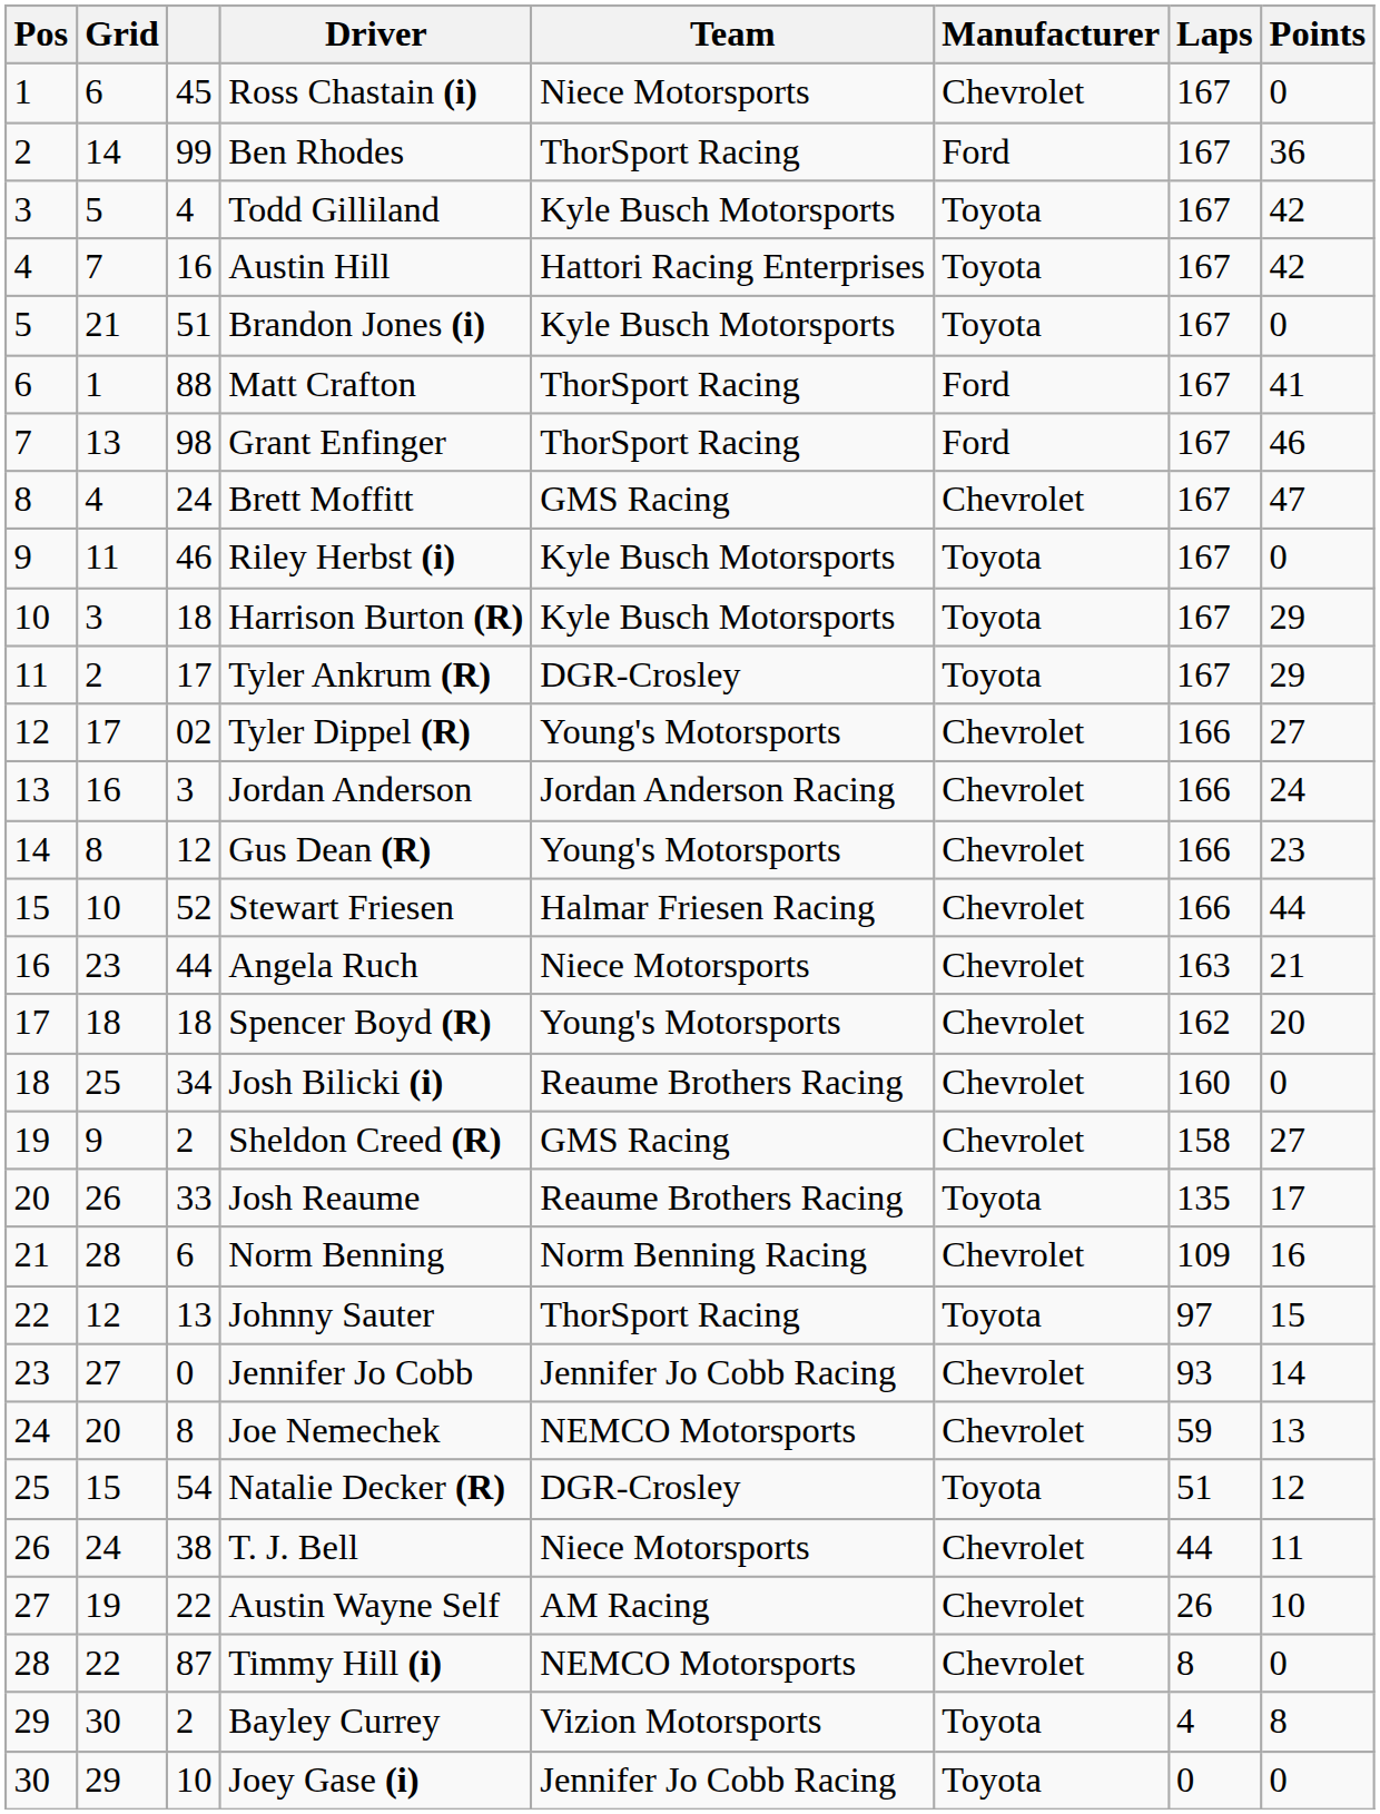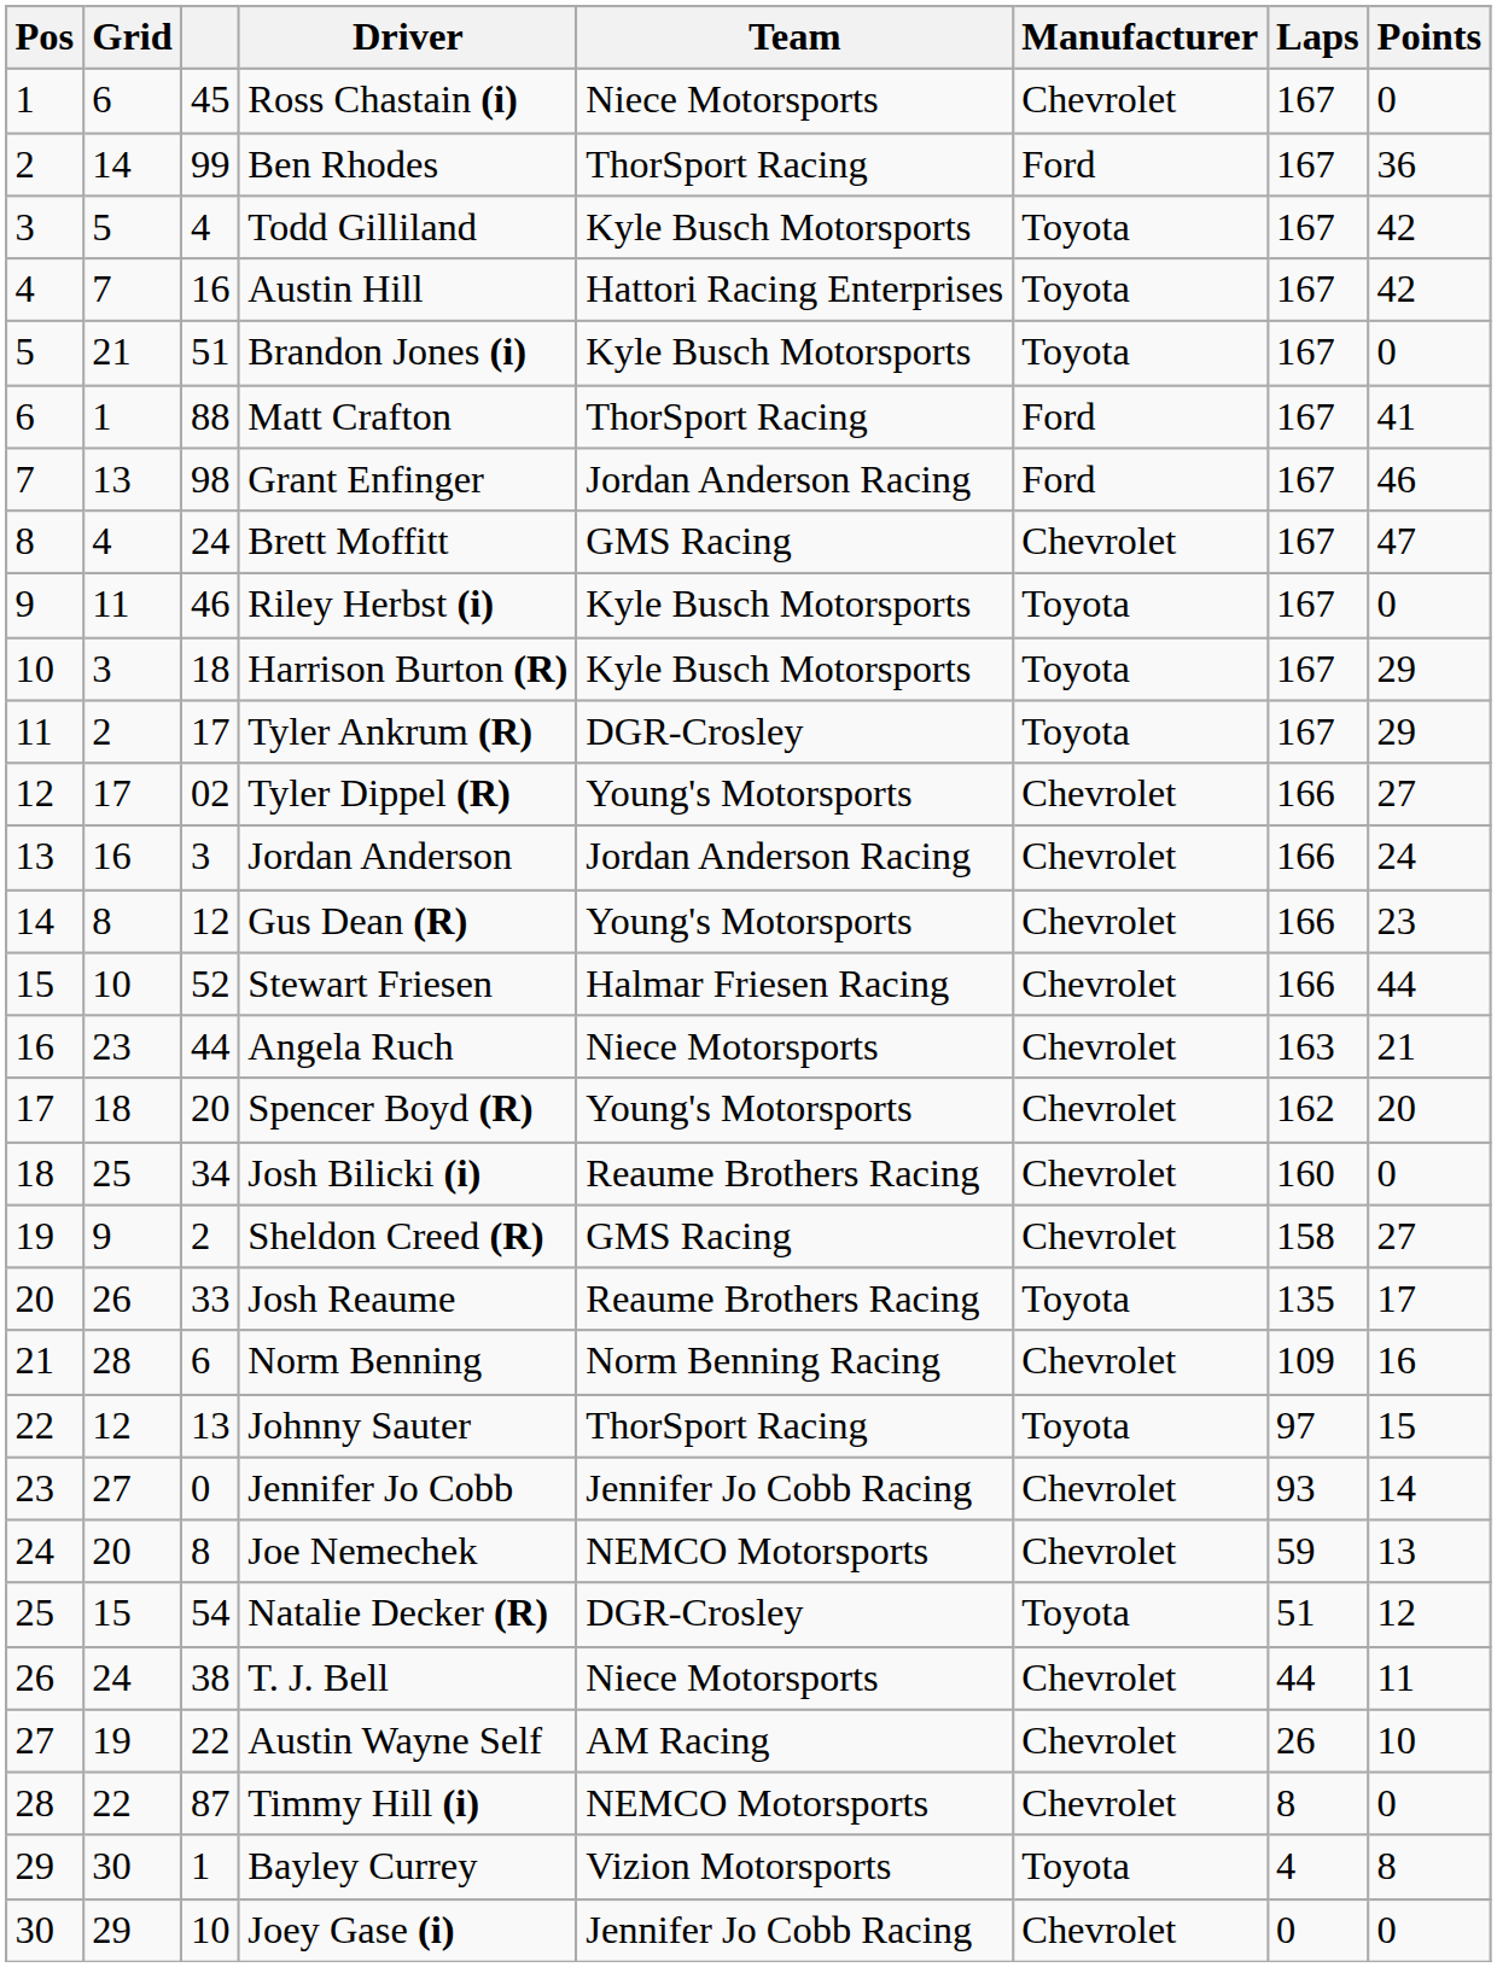 <table class="wikitable" style="font-size:98%">
 <tr>
 <th>Pos</th>
 <th>Grid</th>
 <th></th>
 <th>Driver</th>
 <th>Team</th>
 <th>Manufacturer</th>
 <th>Laps</th>
 <th>Points</th>
 </tr>
 <tr>
 <td>1</td>
 <td>6</td>
 <td>45</td>
 <td>Ross Chastain <strong>(i)</strong></td>
 <td>Niece Motorsports</td>
 <td>Chevrolet</td>
 <td>167</td>
 <td>0</td>
 </tr>
 <tr>
 <td>2</td>
 <td>14</td>
 <td>99</td>
 <td>Ben Rhodes</td>
 <td>ThorSport Racing</td>
 <td>Ford</td>
 <td>167</td>
 <td>36</td>
 </tr>
 <tr>
 <td>3</td>
 <td>5</td>
 <td>4</td>
 <td>Todd Gilliland</td>
 <td>Kyle Busch Motorsports</td>
 <td>Toyota</td>
 <td>167</td>
 <td>42</td>
 </tr>
 <tr>
 <td>4</td>
 <td>7</td>
 <td>16</td>
 <td>Austin Hill</td>
 <td>Hattori Racing Enterprises</td>
 <td>Toyota</td>
 <td>167</td>
 <td>42</td>
 </tr>
 <tr>
 <td>5</td>
 <td>21</td>
 <td>51</td>
 <td>Brandon Jones <strong>(i)</strong></td>
 <td>Kyle Busch Motorsports</td>
 <td>Toyota</td>
 <td>167</td>
 <td>0</td>
 </tr>
 <tr>
 <td>6</td>
 <td>1</td>
 <td>88</td>
 <td>Matt Crafton</td>
 <td>ThorSport Racing</td>
 <td>Ford</td>
 <td>167</td>
 <td>41</td>
 </tr>
 <tr>
 <td>7</td>
 <td>13</td>
 <td>98</td>
 <td>Grant Enfinger</td>
-<td>ThorSport Racing</td>
+<td>Jordan Anderson Racing</td>
 <td>Ford</td>
 <td>167</td>
 <td>46</td>
 </tr>
 <tr>
 <td>8</td>
 <td>4</td>
 <td>24</td>
 <td>Brett Moffitt</td>
 <td>GMS Racing</td>
 <td>Chevrolet</td>
 <td>167</td>
 <td>47</td>
 </tr>
 <tr>
 <td>9</td>
 <td>11</td>
 <td>46</td>
 <td>Riley Herbst <strong>(i)</strong></td>
 <td>Kyle Busch Motorsports</td>
 <td>Toyota</td>
 <td>167</td>
 <td>0</td>
 </tr>
 <tr>
 <td>10</td>
 <td>3</td>
 <td>18</td>
 <td>Harrison Burton <strong>(R)</strong></td>
 <td>Kyle Busch Motorsports</td>
 <td>Toyota</td>
 <td>167</td>
 <td>29</td>
 </tr>
 <tr>
 <td>11</td>
 <td>2</td>
 <td>17</td>
 <td>Tyler Ankrum <strong>(R)</strong></td>
 <td>DGR-Crosley</td>
 <td>Toyota</td>
 <td>167</td>
 <td>29</td>
 </tr>
 <tr>
 <td>12</td>
 <td>17</td>
 <td>02</td>
 <td>Tyler Dippel <strong>(R)</strong></td>
 <td>Young's Motorsports</td>
 <td>Chevrolet</td>
 <td>166</td>
 <td>27</td>
 </tr>
 <tr>
 <td>13</td>
 <td>16</td>
 <td>3</td>
 <td>Jordan Anderson</td>
 <td>Jordan Anderson Racing</td>
 <td>Chevrolet</td>
 <td>166</td>
 <td>24</td>
 </tr>
 <tr>
 <td>14</td>
 <td>8</td>
 <td>12</td>
 <td>Gus Dean <strong>(R)</strong></td>
 <td>Young's Motorsports</td>
 <td>Chevrolet</td>
 <td>166</td>
 <td>23</td>
 </tr>
 <tr>
 <td>15</td>
 <td>10</td>
 <td>52</td>
 <td>Stewart Friesen</td>
 <td>Halmar Friesen Racing</td>
 <td>Chevrolet</td>
 <td>166</td>
 <td>44</td>
 </tr>
 <tr>
 <td>16</td>
 <td>23</td>
 <td>44</td>
 <td>Angela Ruch</td>
 <td>Niece Motorsports</td>
 <td>Chevrolet</td>
 <td>163</td>
 <td>21</td>
 </tr>
 <tr>
 <td>17</td>
 <td>18</td>
-<td>18</td>
+<td>20</td>
 <td>Spencer Boyd <strong>(R)</strong></td>
 <td>Young's Motorsports</td>
 <td>Chevrolet</td>
 <td>162</td>
 <td>20</td>
 </tr>
 <tr>
 <td>18</td>
 <td>25</td>
 <td>34</td>
 <td>Josh Bilicki <strong>(i)</strong></td>
 <td>Reaume Brothers Racing</td>
 <td>Chevrolet</td>
 <td>160</td>
 <td>0</td>
 </tr>
 <tr>
 <td>19</td>
 <td>9</td>
 <td>2</td>
 <td>Sheldon Creed <strong>(R)</strong></td>
 <td>GMS Racing</td>
 <td>Chevrolet</td>
 <td>158</td>
 <td>27</td>
 </tr>
 <tr>
 <td>20</td>
 <td>26</td>
 <td>33</td>
 <td>Josh Reaume</td>
 <td>Reaume Brothers Racing</td>
 <td>Toyota</td>
 <td>135</td>
 <td>17</td>
 </tr>
 <tr>
 <td>21</td>
 <td>28</td>
 <td>6</td>
 <td>Norm Benning</td>
 <td>Norm Benning Racing</td>
 <td>Chevrolet</td>
 <td>109</td>
 <td>16</td>
 </tr>
 <tr>
 <td>22</td>
 <td>12</td>
 <td>13</td>
 <td>Johnny Sauter</td>
 <td>ThorSport Racing</td>
 <td>Toyota</td>
 <td>97</td>
 <td>15</td>
 </tr>
 <tr>
 <td>23</td>
 <td>27</td>
 <td>0</td>
 <td>Jennifer Jo Cobb</td>
 <td>Jennifer Jo Cobb Racing</td>
 <td>Chevrolet</td>
 <td>93</td>
 <td>14</td>
 </tr>
 <tr>
 <td>24</td>
 <td>20</td>
 <td>8</td>
 <td>Joe Nemechek</td>
 <td>NEMCO Motorsports</td>
 <td>Chevrolet</td>
 <td>59</td>
 <td>13</td>
 </tr>
 <tr>
 <td>25</td>
 <td>15</td>
 <td>54</td>
 <td>Natalie Decker <strong>(R)</strong></td>
 <td>DGR-Crosley</td>
 <td>Toyota</td>
 <td>51</td>
 <td>12</td>
 </tr>
 <tr>
 <td>26</td>
 <td>24</td>
 <td>38</td>
 <td>T. J. Bell</td>
 <td>Niece Motorsports</td>
 <td>Chevrolet</td>
 <td>44</td>
 <td>11</td>
 </tr>
 <tr>
 <td>27</td>
 <td>19</td>
 <td>22</td>
 <td>Austin Wayne Self</td>
 <td>AM Racing</td>
 <td>Chevrolet</td>
 <td>26</td>
 <td>10</td>
 </tr>
 <tr>
 <td>28</td>
 <td>22</td>
 <td>87</td>
 <td>Timmy Hill <strong>(i)</strong></td>
 <td>NEMCO Motorsports</td>
 <td>Chevrolet</td>
 <td>8</td>
 <td>0</td>
 </tr>
 <tr>
 <td>29</td>
 <td>30</td>
-<td>2</td>
+<td>1</td>
 <td>Bayley Currey</td>
 <td>Vizion Motorsports</td>
 <td>Toyota</td>
 <td>4</td>
 <td>8</td>
 </tr>
 <tr>
 <td>30</td>
 <td>29</td>
 <td>10</td>
 <td>Joey Gase <strong>(i)</strong></td>
 <td>Jennifer Jo Cobb Racing</td>
-<td>Toyota</td>
+<td>Chevrolet</td>
 <td>0</td>
 <td>0</td>
 </tr>
 <tr>
 </tr>
 </table>
